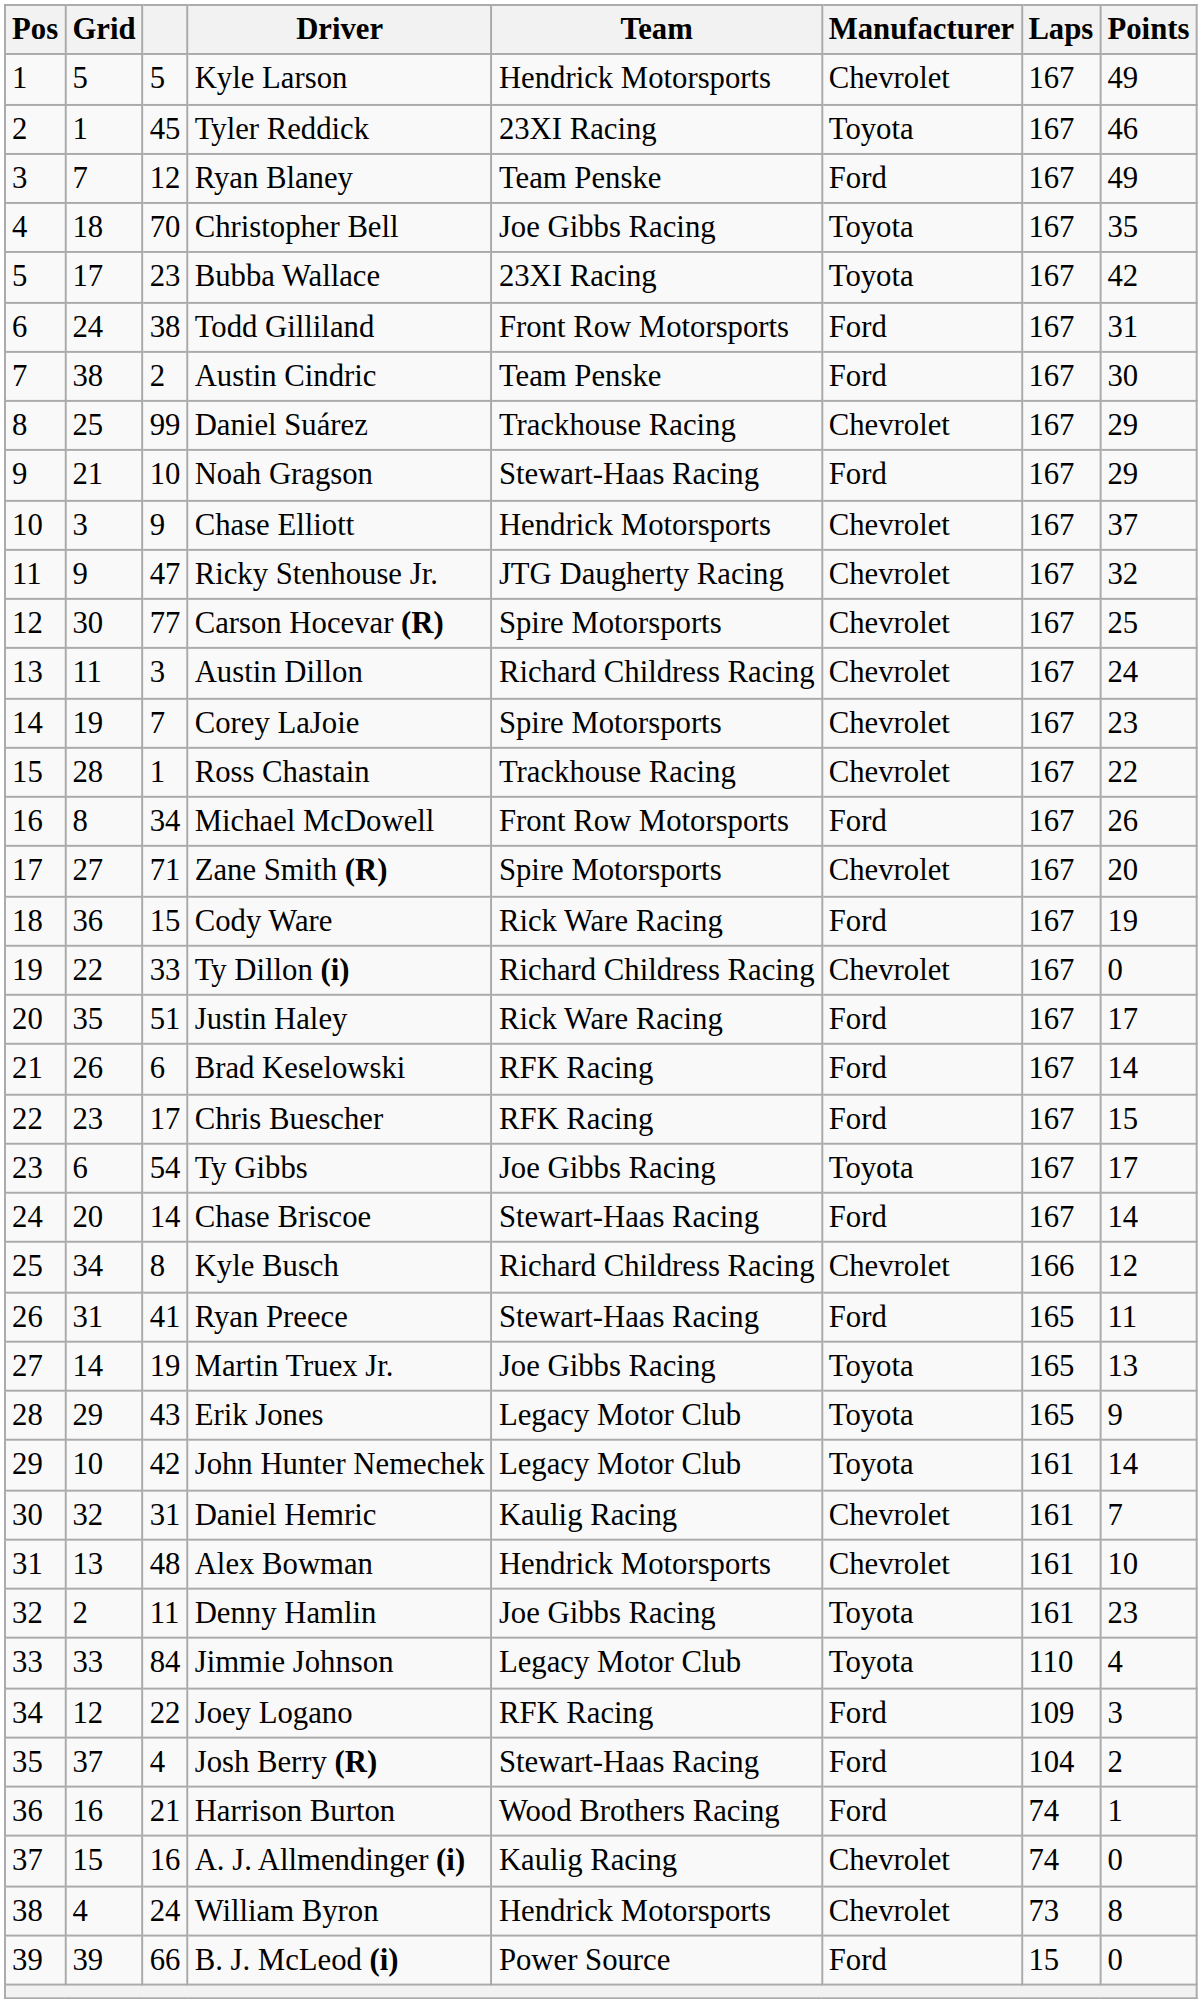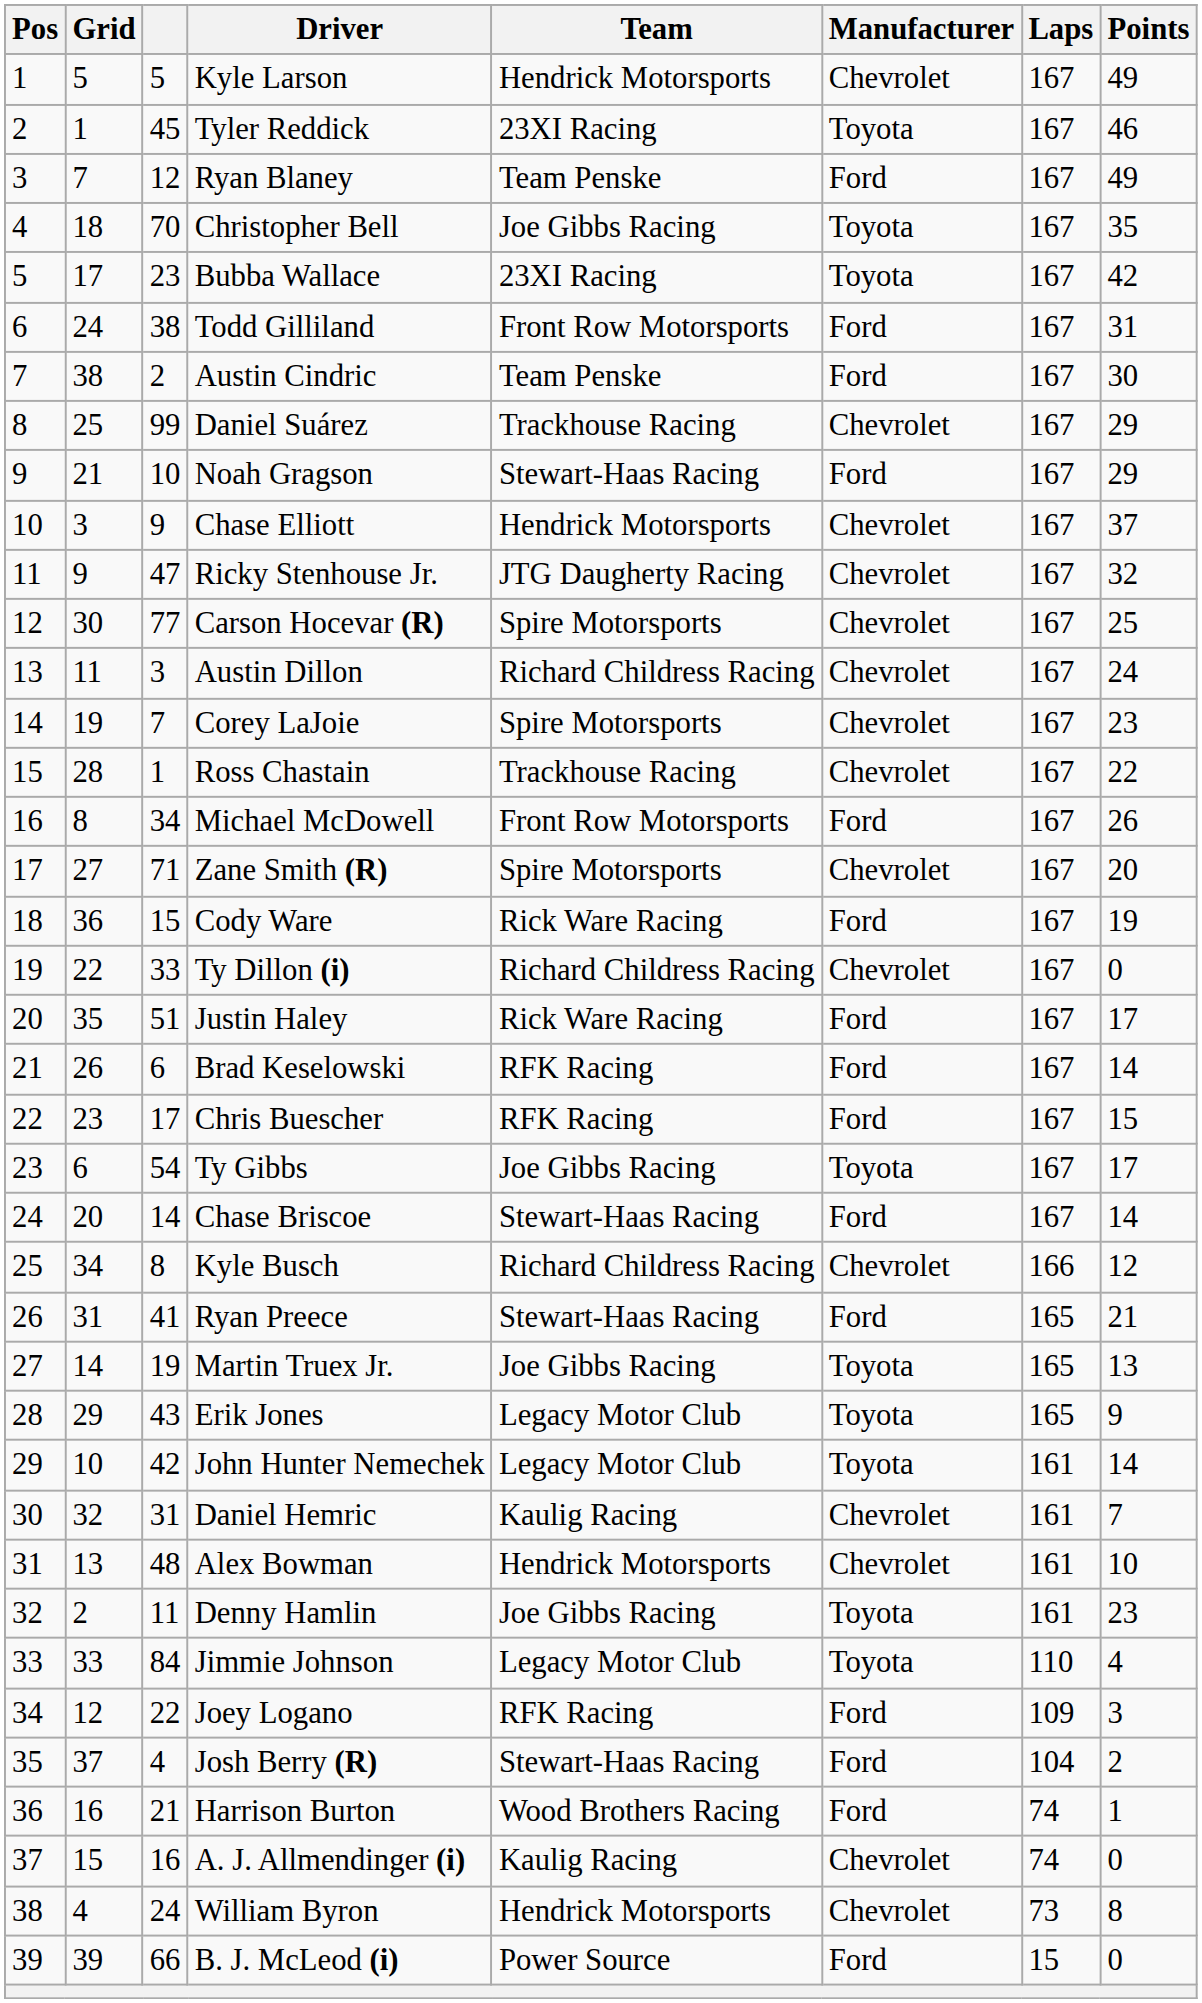 <table class="wikitable" style="font-size:98%">
 <tr>
 <th>Pos</th>
 <th>Grid</th>
 <th></th>
 <th>Driver</th>
 <th>Team</th>
 <th>Manufacturer</th>
 <th>Laps</th>
 <th>Points</th>
 </tr>
 <tr>
 <td>1</td>
 <td>5</td>
 <td>5</td>
 <td>Kyle Larson</td>
 <td>Hendrick Motorsports</td>
 <td>Chevrolet</td>
 <td>167</td>
 <td>49</td>
 </tr>
 <tr>
 <td>2</td>
 <td>1</td>
 <td>45</td>
 <td>Tyler Reddick</td>
 <td>23XI Racing</td>
 <td>Toyota</td>
 <td>167</td>
 <td>46</td>
 </tr>
 <tr>
 <td>3</td>
 <td>7</td>
 <td>12</td>
 <td>Ryan Blaney</td>
 <td>Team Penske</td>
 <td>Ford</td>
 <td>167</td>
 <td>49</td>
 </tr>
 <tr>
 <td>4</td>
 <td>18</td>
 <td>70</td>
 <td>Christopher Bell</td>
 <td>Joe Gibbs Racing</td>
 <td>Toyota</td>
 <td>167</td>
 <td>35</td>
 </tr>
 <tr>
 <td>5</td>
 <td>17</td>
 <td>23</td>
 <td>Bubba Wallace</td>
 <td>23XI Racing</td>
 <td>Toyota</td>
 <td>167</td>
 <td>42</td>
 </tr>
 <tr>
 <td>6</td>
 <td>24</td>
 <td>38</td>
 <td>Todd Gilliland</td>
 <td>Front Row Motorsports</td>
 <td>Ford</td>
 <td>167</td>
 <td>31</td>
 </tr>
 <tr>
 <td>7</td>
 <td>38</td>
 <td>2</td>
 <td>Austin Cindric</td>
 <td>Team Penske</td>
 <td>Ford</td>
 <td>167</td>
 <td>30</td>
 </tr>
 <tr>
 <td>8</td>
 <td>25</td>
 <td>99</td>
 <td>Daniel Suárez</td>
 <td>Trackhouse Racing</td>
 <td>Chevrolet</td>
 <td>167</td>
 <td>29</td>
 </tr>
 <tr>
 <td>9</td>
 <td>21</td>
 <td>10</td>
 <td>Noah Gragson</td>
 <td>Stewart-Haas Racing</td>
 <td>Ford</td>
 <td>167</td>
 <td>29</td>
 </tr>
 <tr>
 <td>10</td>
 <td>3</td>
 <td>9</td>
 <td>Chase Elliott</td>
 <td>Hendrick Motorsports</td>
 <td>Chevrolet</td>
 <td>167</td>
 <td>37</td>
 </tr>
 <tr>
 <td>11</td>
 <td>9</td>
 <td>47</td>
 <td>Ricky Stenhouse Jr.</td>
 <td>JTG Daugherty Racing</td>
 <td>Chevrolet</td>
 <td>167</td>
 <td>32</td>
 </tr>
 <tr>
 <td>12</td>
 <td>30</td>
 <td>77</td>
 <td>Carson Hocevar <strong>(R)</strong></td>
 <td>Spire Motorsports</td>
 <td>Chevrolet</td>
 <td>167</td>
 <td>25</td>
 </tr>
 <tr>
 <td>13</td>
 <td>11</td>
 <td>3</td>
 <td>Austin Dillon</td>
 <td>Richard Childress Racing</td>
 <td>Chevrolet</td>
 <td>167</td>
 <td>24</td>
 </tr>
 <tr>
 <td>14</td>
 <td>19</td>
 <td>7</td>
 <td>Corey LaJoie</td>
 <td>Spire Motorsports</td>
 <td>Chevrolet</td>
 <td>167</td>
 <td>23</td>
 </tr>
 <tr>
 <td>15</td>
 <td>28</td>
 <td>1</td>
 <td>Ross Chastain</td>
 <td>Trackhouse Racing</td>
 <td>Chevrolet</td>
 <td>167</td>
 <td>22</td>
 </tr>
 <tr>
 <td>16</td>
 <td>8</td>
 <td>34</td>
 <td>Michael McDowell</td>
 <td>Front Row Motorsports</td>
 <td>Ford</td>
 <td>167</td>
 <td>26</td>
 </tr>
 <tr>
 <td>17</td>
 <td>27</td>
 <td>71</td>
 <td>Zane Smith <strong>(R)</strong></td>
 <td>Spire Motorsports</td>
 <td>Chevrolet</td>
 <td>167</td>
 <td>20</td>
 </tr>
 <tr>
 <td>18</td>
 <td>36</td>
 <td>15</td>
 <td>Cody Ware</td>
 <td>Rick Ware Racing</td>
 <td>Ford</td>
 <td>167</td>
 <td>19</td>
 </tr>
 <tr>
 <td>19</td>
 <td>22</td>
 <td>33</td>
 <td>Ty Dillon <strong>(i)</strong></td>
 <td>Richard Childress Racing</td>
 <td>Chevrolet</td>
 <td>167</td>
 <td>0</td>
 </tr>
 <tr>
 <td>20</td>
 <td>35</td>
 <td>51</td>
 <td>Justin Haley</td>
 <td>Rick Ware Racing</td>
 <td>Ford</td>
 <td>167</td>
 <td>17</td>
 </tr>
 <tr>
 <td>21</td>
 <td>26</td>
 <td>6</td>
 <td>Brad Keselowski</td>
 <td>RFK Racing</td>
 <td>Ford</td>
 <td>167</td>
 <td>14</td>
 </tr>
 <tr>
 <td>22</td>
 <td>23</td>
 <td>17</td>
 <td>Chris Buescher</td>
 <td>RFK Racing</td>
 <td>Ford</td>
 <td>167</td>
 <td>15</td>
 </tr>
 <tr>
 <td>23</td>
 <td>6</td>
 <td>54</td>
 <td>Ty Gibbs</td>
 <td>Joe Gibbs Racing</td>
 <td>Toyota</td>
 <td>167</td>
 <td>17</td>
 </tr>
 <tr>
 <td>24</td>
 <td>20</td>
 <td>14</td>
 <td>Chase Briscoe</td>
 <td>Stewart-Haas Racing</td>
 <td>Ford</td>
 <td>167</td>
 <td>14</td>
 </tr>
 <tr>
 <td>25</td>
 <td>34</td>
 <td>8</td>
 <td>Kyle Busch</td>
 <td>Richard Childress Racing</td>
 <td>Chevrolet</td>
 <td>166</td>
 <td>12</td>
 </tr>
 <tr>
 <td>26</td>
 <td>31</td>
 <td>41</td>
 <td>Ryan Preece</td>
 <td>Stewart-Haas Racing</td>
 <td>Ford</td>
 <td>165</td>
-<td>11</td>
+<td>21</td>
 </tr>
 <tr>
 <td>27</td>
 <td>14</td>
 <td>19</td>
 <td>Martin Truex Jr.</td>
 <td>Joe Gibbs Racing</td>
 <td>Toyota</td>
 <td>165</td>
 <td>13</td>
 </tr>
 <tr>
 <td>28</td>
 <td>29</td>
 <td>43</td>
 <td>Erik Jones</td>
 <td>Legacy Motor Club</td>
 <td>Toyota</td>
 <td>165</td>
 <td>9</td>
 </tr>
 <tr>
 <td>29</td>
 <td>10</td>
 <td>42</td>
 <td>John Hunter Nemechek</td>
 <td>Legacy Motor Club</td>
 <td>Toyota</td>
 <td>161</td>
 <td>14</td>
 </tr>
 <tr>
 <td>30</td>
 <td>32</td>
 <td>31</td>
 <td>Daniel Hemric</td>
 <td>Kaulig Racing</td>
 <td>Chevrolet</td>
 <td>161</td>
 <td>7</td>
 </tr>
 <tr>
 <td>31</td>
 <td>13</td>
 <td>48</td>
 <td>Alex Bowman</td>
 <td>Hendrick Motorsports</td>
 <td>Chevrolet</td>
 <td>161</td>
 <td>10</td>
 </tr>
 <tr>
 <td>32</td>
 <td>2</td>
 <td>11</td>
 <td>Denny Hamlin</td>
 <td>Joe Gibbs Racing</td>
 <td>Toyota</td>
 <td>161</td>
 <td>23</td>
 </tr>
 <tr>
 <td>33</td>
 <td>33</td>
 <td>84</td>
 <td>Jimmie Johnson</td>
 <td>Legacy Motor Club</td>
 <td>Toyota</td>
 <td>110</td>
 <td>4</td>
 </tr>
 <tr>
 <td>34</td>
 <td>12</td>
 <td>22</td>
 <td>Joey Logano</td>
 <td>RFK Racing</td>
 <td>Ford</td>
 <td>109</td>
 <td>3</td>
 </tr>
 <tr>
 <td>35</td>
 <td>37</td>
 <td>4</td>
 <td>Josh Berry <strong>(R)</strong></td>
 <td>Stewart-Haas Racing</td>
 <td>Ford</td>
 <td>104</td>
 <td>2</td>
 </tr>
 <tr>
 <td>36</td>
 <td>16</td>
 <td>21</td>
 <td>Harrison Burton</td>
 <td>Wood Brothers Racing</td>
 <td>Ford</td>
 <td>74</td>
 <td>1</td>
 </tr>
 <tr>
 <td>37</td>
 <td>15</td>
 <td>16</td>
 <td>A. J. Allmendinger <strong>(i)</strong></td>
 <td>Kaulig Racing</td>
 <td>Chevrolet</td>
 <td>74</td>
 <td>0</td>
 </tr>
 <tr>
 <td>38</td>
 <td>4</td>
 <td>24</td>
 <td>William Byron</td>
 <td>Hendrick Motorsports</td>
 <td>Chevrolet</td>
 <td>73</td>
 <td>8</td>
 </tr>
 <tr>
 <td>39</td>
 <td>39</td>
 <td>66</td>
 <td>B. J. McLeod <strong>(i)</strong></td>
 <td>Power Source</td>
 <td>Ford</td>
 <td>15</td>
 <td>0</td>
 </tr>
 <tr>
 <th colspan="8"></th>
 </tr>
 </table>
